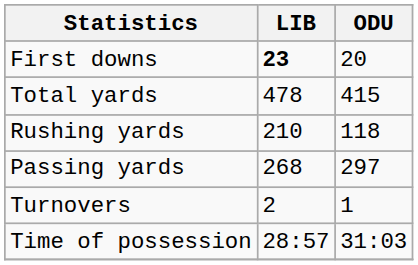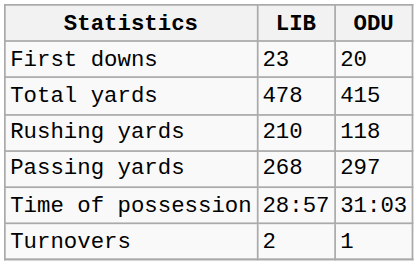 <table class="wikitable">
 <tr>
 <th>Statistics</th>
 <th>LIB</th>
 <th>ODU</th>
 </tr>
 <tr>
 <td>First downs</td>
-<td><strong>23</strong></td>
+<td>23</td>
 <td>20</td>
 </tr>
 <tr>
 <td>Total yards</td>
 <td>478</td>
 <td>415</td>
 </tr>
 <tr>
 <td>Rushing yards</td>
 <td>210</td>
 <td>118</td>
 </tr>
 <tr>
 <td>Passing yards</td>
 <td>268</td>
 <td>297</td>
 </tr>
 <tr>
+<td>Time of possession</td>
+<td>28:57</td>
+<td>31:03</td>
+</tr>
+<tr>
 <td>Turnovers</td>
 <td>2</td>
 <td>1</td>
 </tr>
 <tr>
-<td>Time of possession</td>
-<td>28:57</td>
-<td>31:03</td>
-</tr>
-<tr>
 </tr>
 </table>
